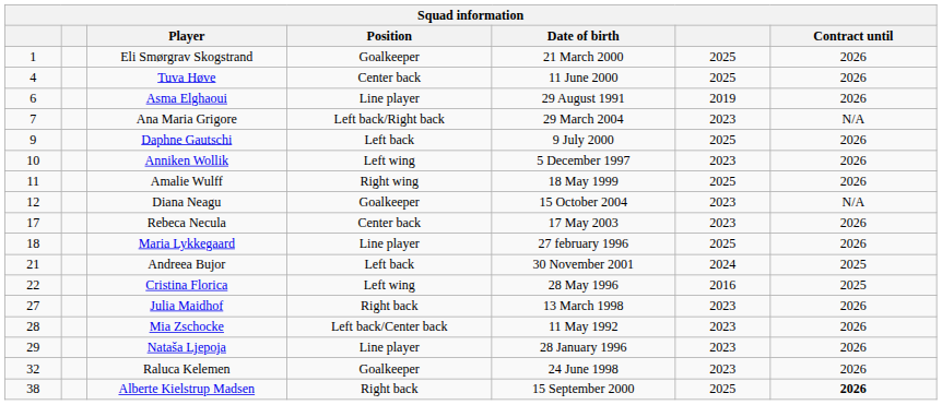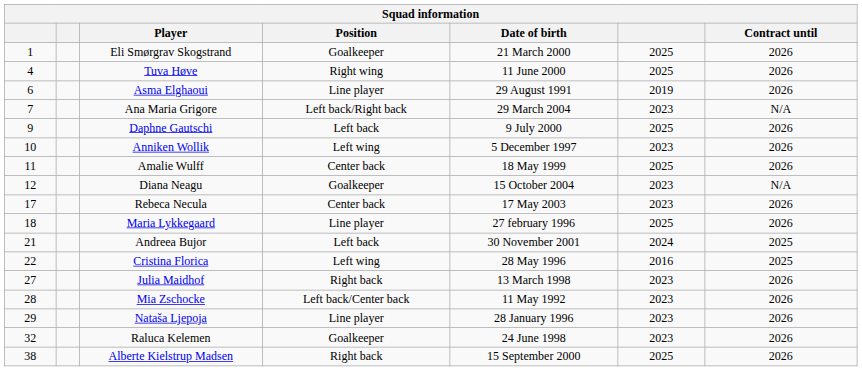 <table class="wikitable mw-collapsible mw-collapsed" style="width:90%; font-size:100%;">
 <tr>
 <th colspan="8">Squad information</th>
 </tr>
 <tr>
 <th width="5"></th>
 <th width="3"></th>
 <th width="20">Player</th>
 <th width="10">Position</th>
 <th width="15">Date of birth</th>
 <th width="5"></th>
 <th width="5">Contract until</th>
 </tr>
 <tr>
 <td style="text-align: center;">1</td>
 <td style="text-align: center;"></td>
 <td style="text-align: center;">Eli Smørgrav Skogstrand</td>
 <td style="text-align: center;">Goalkeeper</td>
 <td style="text-align: center;">21 March 2000</td>
 <td style="text-align: center;">2025</td>
 <td style="text-align: center;">2026</td>
 </tr>
 <tr>
 <td style="text-align: center;">4</td>
 <td style="text-align: center;"></td>
 <td style="text-align: center;"><a href='#'>Tuva Høve</a></td>
-<td style="text-align: center;">Center back</td>
+<td style="text-align: center;">Right wing</td>
 <td style="text-align: center;">11 June 2000</td>
 <td style="text-align: center;">2025</td>
 <td style="text-align: center;">2026</td>
 </tr>
 <tr>
 <td style="text-align: center;">6</td>
 <td style="text-align: center;"> </td>
 <td style="text-align: center;"><a href='#'>Asma Elghaoui</a></td>
 <td style="text-align: center;">Line player</td>
 <td style="text-align: center;">29 August 1991</td>
 <td style="text-align: center;">2019</td>
 <td style="text-align: center;">2026</td>
 </tr>
 <tr>
 <td style="text-align: center;">7</td>
 <td style="text-align: center;"></td>
 <td style="text-align: center;">Ana Maria Grigore</td>
 <td style="text-align: center;">Left back/Right back</td>
 <td style="text-align: center;">29 March 2004</td>
 <td style="text-align: center;">2023</td>
 <td style="text-align: center;">N/A</td>
 </tr>
 <tr>
 <td style="text-align: center;">9</td>
 <td style="text-align: center;"></td>
 <td style="text-align: center;"><a href='#'>Daphne Gautschi</a></td>
 <td style="text-align: center;">Left back</td>
 <td style="text-align: center;">9 July 2000</td>
 <td style="text-align: center;">2025</td>
 <td style="text-align: center;">2026</td>
 </tr>
 <tr>
 <td style="text-align: center;">10</td>
 <td style="text-align: center;"></td>
 <td style="text-align: center;"><a href='#'>Anniken Wollik</a></td>
 <td style="text-align: center;">Left wing</td>
 <td style="text-align: center;">5 December 1997</td>
 <td style="text-align: center;">2023</td>
 <td style="text-align: center;">2026</td>
 </tr>
 <tr>
 <td style="text-align: center;">11</td>
 <td style="text-align: center;"></td>
 <td style="text-align: center;">Amalie Wulff</td>
-<td style="text-align: center;">Right wing</td>
+<td style="text-align: center;">Center back</td>
 <td style="text-align: center;">18 May 1999</td>
 <td style="text-align: center;">2025</td>
 <td style="text-align: center;">2026</td>
 </tr>
 <tr>
 <td style="text-align: center;">12</td>
 <td style="text-align: center;"></td>
 <td style="text-align: center;">Diana Neagu</td>
 <td style="text-align: center;">Goalkeeper</td>
 <td style="text-align: center;">15 October 2004</td>
 <td style="text-align: center;">2023</td>
 <td style="text-align: center;">N/A</td>
 </tr>
 <tr>
 <td style="text-align: center;">17</td>
 <td style="text-align: center;"></td>
 <td style="text-align: center;">Rebeca Necula</td>
 <td style="text-align: center;">Center back</td>
 <td style="text-align: center;">17 May 2003</td>
 <td style="text-align: center;">2023</td>
 <td style="text-align: center;">2026</td>
 </tr>
 <tr>
 <td style="text-align: center;">18</td>
 <td style="text-align: center;"></td>
 <td style="text-align: center;"><a href='#'>Maria Lykkegaard</a></td>
 <td style="text-align: center;">Line player</td>
 <td style="text-align: center;">27 february 1996</td>
 <td style="text-align: center;">2025</td>
 <td style="text-align: center;">2026</td>
 </tr>
 <tr>
 <td style="text-align: center;">21</td>
 <td style="text-align: center;"></td>
 <td style="text-align: center;">Andreea Bujor</td>
 <td style="text-align: center;">Left back</td>
 <td style="text-align: center;">30 November 2001</td>
 <td style="text-align: center;">2024</td>
 <td style="text-align: center;">2025</td>
 </tr>
 <tr>
 <td style="text-align: center;">22</td>
 <td style="text-align: center;"></td>
 <td style="text-align: center;"><a href='#'>Cristina Florica</a></td>
 <td style="text-align: center;">Left wing</td>
 <td style="text-align: center;">28 May 1996</td>
 <td style="text-align: center;">2016</td>
 <td style="text-align: center;">2025</td>
 </tr>
 <tr>
 <td style="text-align: center;">27</td>
 <td style="text-align: center;"></td>
 <td style="text-align: center;"><a href='#'>Julia Maidhof</a></td>
 <td style="text-align: center;">Right back</td>
 <td style="text-align: center;">13 March 1998</td>
 <td style="text-align: center;">2023</td>
 <td style="text-align: center;">2026</td>
 </tr>
 <tr>
 <td style="text-align: center;">28</td>
 <td style="text-align: center;"></td>
 <td style="text-align: center;"><a href='#'>Mia Zschocke</a></td>
 <td style="text-align: center;">Left back/Center back</td>
 <td style="text-align: center;">11 May 1992</td>
 <td style="text-align: center;">2023</td>
 <td style="text-align: center;">2026</td>
 </tr>
 <tr>
 <td style="text-align: center;">29</td>
 <td style="text-align: center;"></td>
 <td style="text-align: center;"><a href='#'>Nataša Ljepoja</a></td>
 <td style="text-align: center;">Line player</td>
 <td style="text-align: center;">28 January 1996</td>
 <td style="text-align: center;">2023</td>
 <td style="text-align: center;">2026</td>
 </tr>
 <tr>
 <td style="text-align: center;">32</td>
 <td style="text-align: center;"></td>
 <td style="text-align: center;">Raluca Kelemen</td>
 <td style="text-align: center;">Goalkeeper</td>
 <td style="text-align: center;">24 June 1998</td>
 <td style="text-align: center;">2023</td>
 <td style="text-align: center;">2026</td>
 </tr>
 <tr>
 <td style="text-align: center;">38</td>
 <td style="text-align: center;"></td>
 <td style="text-align: center;"><a href='#'>Alberte Kielstrup Madsen</a></td>
 <td style="text-align: center;">Right back</td>
 <td style="text-align: center;">15 September 2000</td>
 <td style="text-align: center;">2025</td>
-<td style="text-align: center;"><strong>2026</strong></td>
+<td style="text-align: center;">2026</td>
 </tr>
 </table>
